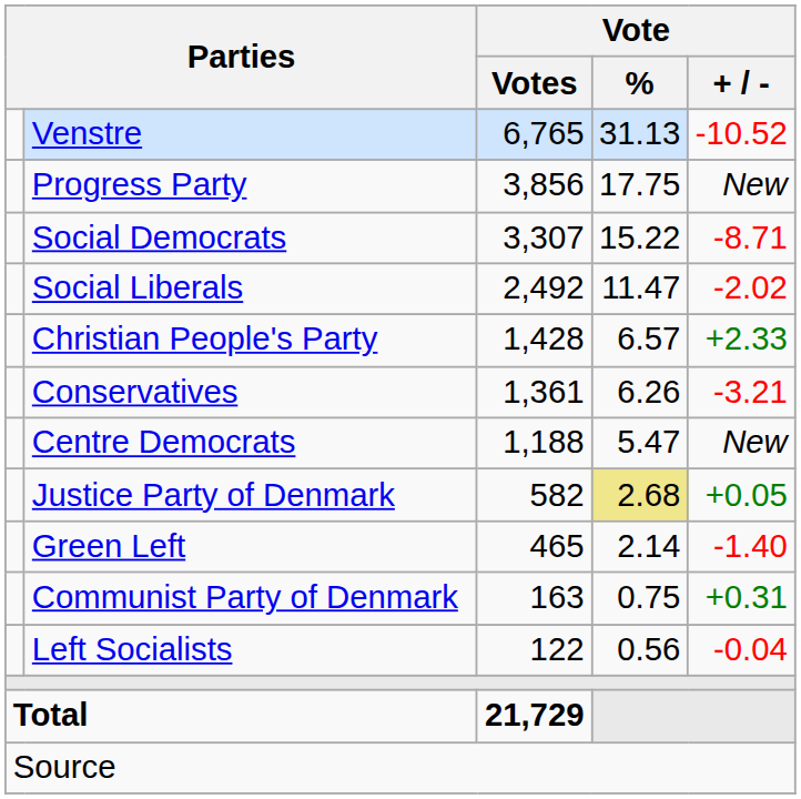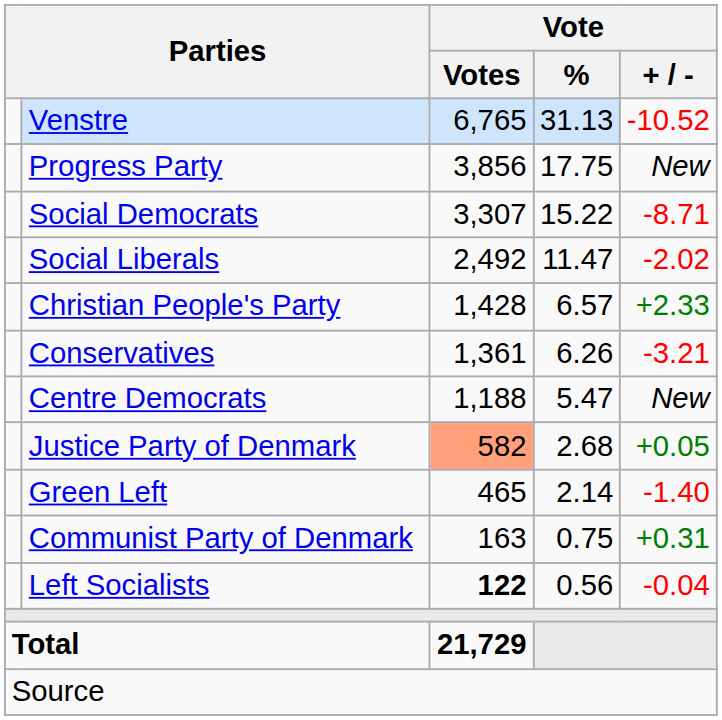 <table class="wikitable" style="text-align:right;">
 <tr>
 <th style="text-align:centre;" rowspan="2" colspan="2" width="225">Parties</th>
 <th colspan="3">Vote</th>
 </tr>
 <tr>
 <th width="15">Votes</th>
 <th width="15">%</th>
 <th width="15">+ / -</th>
 </tr>
 <tr>
 <td width="2" style="color:inherit;background:"></td>
 <td bgcolor=#cfe5fe  align="left"><a href='#'>Venstre</a></td>
 <td bgcolor=#cfe5fe>6,765</td>
 <td bgcolor=#cfe5fe>31.13</td>
 <td style=color:red;>-10.52</td>
 </tr>
 <tr>
 <td width="2" style="color:inherit;background:"></td>
 <td align="left"><a href='#'>Progress Party</a></td>
 <td>3,856</td>
 <td>17.75</td>
 <td><em>New</em></td>
 </tr>
 <tr>
 <td width="2" style="color:inherit;background:"></td>
 <td align="left"><a href='#'>Social Democrats</a></td>
 <td>3,307</td>
 <td>15.22</td>
 <td style=color:red;>-8.71</td>
 </tr>
 <tr>
 <td width="2" style="color:inherit;background:"></td>
 <td align="left"><a href='#'>Social Liberals</a></td>
 <td>2,492</td>
 <td>11.47</td>
 <td style=color:red;>-2.02</td>
 </tr>
 <tr>
 <td width="2" style="color:inherit;background:"></td>
 <td align="left"><a href='#'>Christian People's Party</a></td>
 <td>1,428</td>
 <td>6.57</td>
 <td style=color:green;>+2.33</td>
 </tr>
 <tr>
 <td width="2" style="color:inherit;background:"></td>
 <td align="left"><a href='#'>Conservatives</a></td>
 <td>1,361</td>
 <td>6.26</td>
 <td style=color:red;>-3.21</td>
 </tr>
 <tr>
 <td width="2" style="color:inherit;background:"></td>
 <td align="left"><a href='#'>Centre Democrats</a></td>
 <td>1,188</td>
 <td>5.47</td>
 <td><em>New</em></td>
 </tr>
 <tr>
 <td width="2" style="color:inherit;background:"></td>
 <td align="left"><a href='#'>Justice Party of Denmark</a></td>
-<td>582</td>
-<td style="background: khaki;">2.68</td>
+<td style="background: lightsalmon;">582</td>
+<td>2.68</td>
 <td style=color:green;>+0.05</td>
 </tr>
 <tr>
 <td width="2" style="color:inherit;background:"></td>
 <td align="left"><a href='#'>Green Left</a></td>
 <td>465</td>
 <td>2.14</td>
 <td style=color:red;>-1.40</td>
 </tr>
 <tr>
 <td width="2" style="color:inherit;background:"></td>
 <td align="left"><a href='#'>Communist Party of Denmark</a></td>
 <td>163</td>
 <td>0.75</td>
 <td style=color:green;>+0.31</td>
 </tr>
 <tr>
 <td width="2" style="color:inherit;background:"></td>
 <td align="left"><a href='#'>Left Socialists</a></td>
-<td>122</td>
+<td><strong>122</strong></td>
 <td>0.56</td>
 <td style=color:red;>-0.04</td>
 </tr>
 <tr>
 <td colspan="7" bgcolor="#E9E9E9"></td>
 </tr>
 <tr>
 <td align="left" colspan="2"><strong>Total</strong></td>
 <td><strong>21,729</strong></td>
 <td bgcolor="#E9E9E9" colspan="2"></td>
 </tr>
 <tr>
 <td align="left" colspan="6">Source</td>
 </tr>
 </table>
